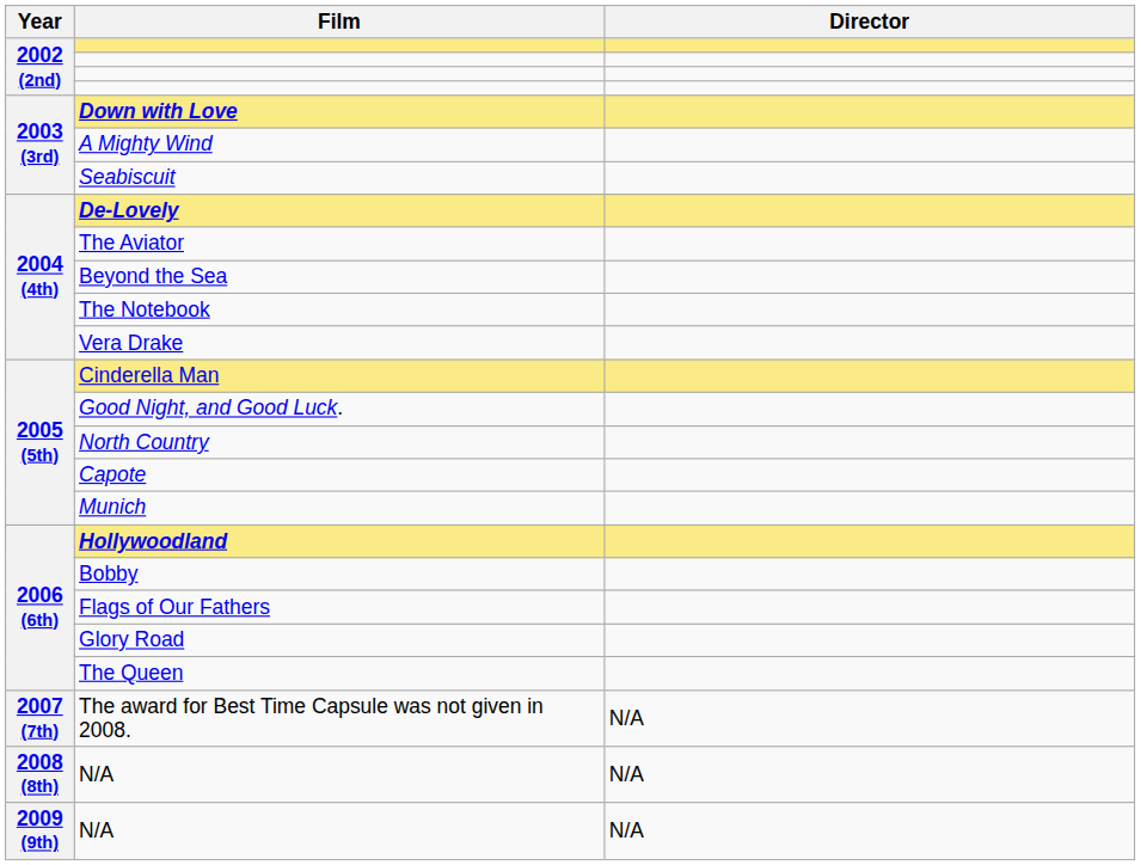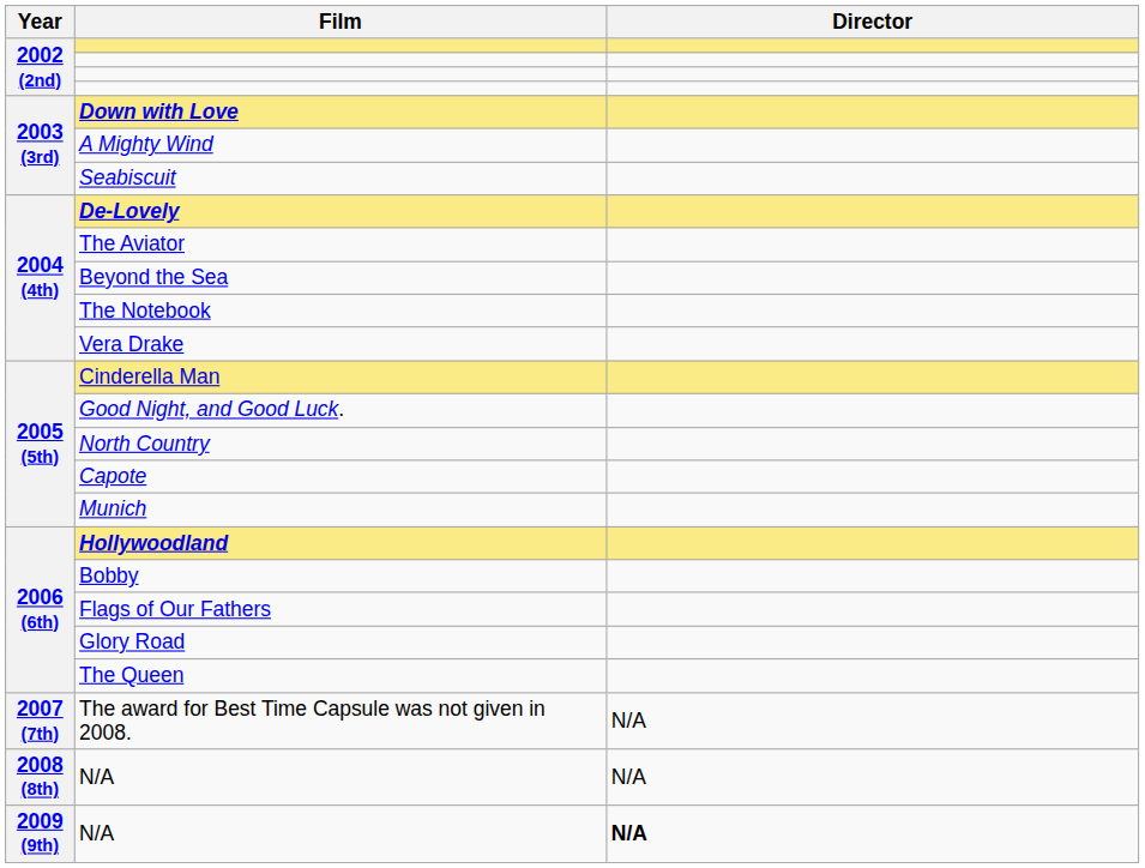 <table class="wikitable sortable">
 <tr>
 <th scope="col" style="width:2%;">Year</th>
 <th scope="col" style="width:30%;">Film</th>
 <th scope="col" style="width:30%;">Director</th>
 </tr>
 <tr>
 <th scope="row" rowspan=4 style="text-align:center;"><a href='#'>2002</a><br><small><a href='#'>(2nd)</a></small> <br> </th>
 <td style="background:#FAEB86"><strong></strong></td>
 <td style="background:#FAEB86"><strong></strong></td>
 </tr>
 <tr>
 <td></td>
 <td></td>
 </tr>
 <tr>
 <td></td>
 <td></td>
 </tr>
 <tr>
 <td></td>
 <td></td>
 </tr>
 <tr>
 <th scope="row" rowspan=3 style="text-align:center;"><a href='#'>2003</a><br><small><a href='#'>(3rd)</a></small> <br> </th>
 <td style="background:#FAEB86"><strong><em><a href='#'>Down with Love</a></em></strong></td>
 <td style="background:#FAEB86"><strong></strong></td>
 </tr>
 <tr>
 <td><em><a href='#'>A Mighty Wind</a></em></td>
 <td></td>
 </tr>
 <tr>
 <td><em><a href='#'>Seabiscuit</a></em></td>
 <td></td>
 </tr>
 <tr>
 <th scope="row" rowspan=5 style="text-align:center;"><a href='#'>2004</a><br><small><a href='#'>(4th)</a></small> <br> </th>
 <td style="background:#FAEB86"><strong><em><a href='#'>De-Lovely</a><em><strong></td>
 <td style="background:#FAEB86"></strong><strong></td>
 </tr>
 <tr>
 <td></em><a href='#'>The Aviator</a><em></td>
 <td></td>
 </tr>
 <tr>
 <td></em><a href='#'>Beyond the Sea</a><em></td>
 <td></td>
 </tr>
 <tr>
 <td></em><a href='#'>The Notebook</a><em></td>
 <td></td>
 </tr>
 <tr>
 <td></em><a href='#'>Vera Drake</a><em></td>
 <td></td>
 </tr>
 <tr>
 <th scope="row" rowspan=5 style="text-align:center;"><a href='#'>2005</a><br><small><a href='#'>(5th)</a></small> <br> </th>
 <td style="background:#FAEB86"></em></strong><a href='#'>Cinderella Man</a></em></strong></td>
 <td style="background:#FAEB86"><strong></strong></td>
 </tr>
 <tr>
 <td><em><a href='#'>Good Night, and Good Luck</a></em>.</td>
 <td></td>
 </tr>
 <tr>
 <td><em><a href='#'>North Country</a></em></td>
 <td></td>
 </tr>
 <tr>
 <td><em><a href='#'>Capote</a></em></td>
 <td></td>
 </tr>
 <tr>
 <td><em><a href='#'>Munich</a></em></td>
 <td></td>
 </tr>
 <tr>
 <th scope="row" rowspan=5 style="text-align:center;"><a href='#'>2006</a><br><small><a href='#'>(6th)</a></small> <br> </th>
 <td style="background:#FAEB86"><strong><em><a href='#'>Hollywoodland</a><em><strong></td>
 <td style="background:#FAEB86"></strong><strong></td>
 </tr>
 <tr>
 <td></em><a href='#'>Bobby</a><em></td>
 <td></td>
 </tr>
 <tr>
 <td></em><a href='#'>Flags of Our Fathers</a><em></td>
 <td></td>
 </tr>
 <tr>
 <td></em><a href='#'>Glory Road</a><em></td>
 <td></td>
 </tr>
 <tr>
 <td></em><a href='#'>The Queen</a><em></td>
 <td></td>
 </tr>
 <tr>
 <th scope="row" rowspan=1 style="text-align:center;"><a href='#'>2007</a><br><small><a href='#'>(7th)</a></small> <br> </th>
 <td></em>The award for Best Time Capsule was not given in 2008.<em></td>
 <td></em>N/A<em></td>
 </tr>
 <tr>
 <th scope="row" rowspan=1 style="text-align:center;"><a href='#'>2008</a><br><small><a href='#'>(8th)</a></small> <br> </th>
 <td></em>N/A<em></td>
 <td></em>N/A<em></td>
 </tr>
 <tr>
 <th scope="row" rowspan=1 style="text-align:center;"><a href='#'>2009</a><br><small><a href='#'>(9th)</a></small> <br> </th>
 <td></em>N/A<em></td>
-<td></em>N/A<em></td>
+<td><strong></em>N/A<em></strong></td>
 </tr>
 </table>
